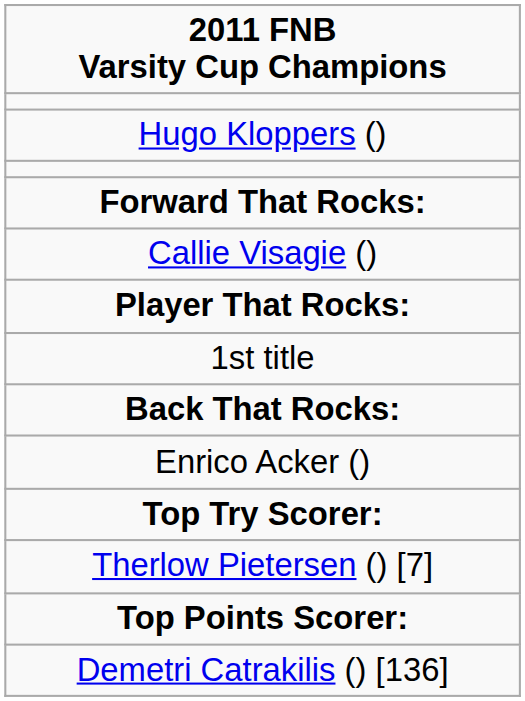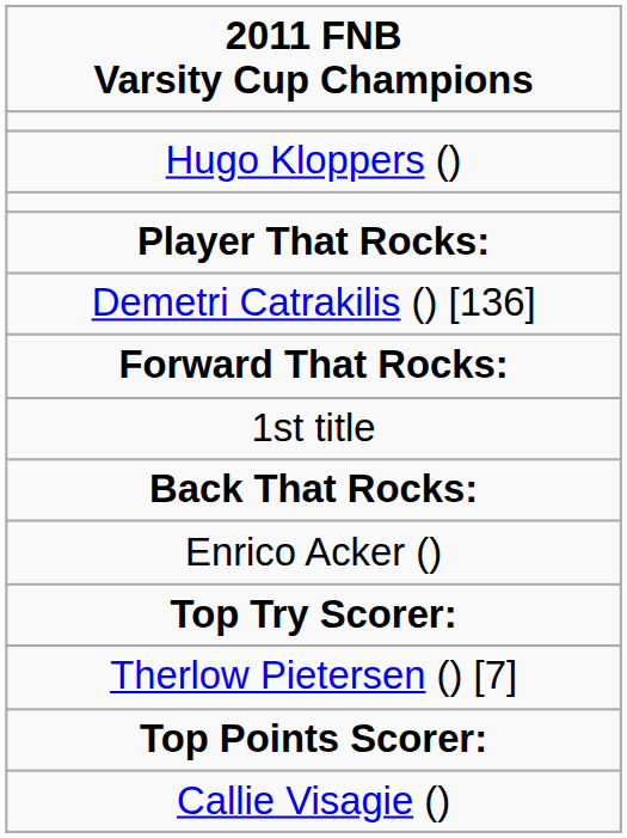 <table class="wikitable" style="text-align: center; margin: 0 auto; width: 20%">
 <tr>
 <td><strong>2011 FNB <br>Varsity Cup Champions<br></strong></td>
 </tr>
 <tr>
 <td><strong></strong></td>
 </tr>
 <tr>
 <td><a href='#'>Hugo Kloppers</a> ()</td>
 </tr>
 <tr>
 <td></td>
 </tr>
 <tr>
-<td><strong>Forward That Rocks:</strong></td>
+<td><strong>Player That Rocks:</strong></td>
 </tr>
 <tr>
-<td><a href='#'>Callie Visagie</a> ()</td>
+<td><a href='#'>Demetri Catrakilis</a> () [136]</td>
 </tr>
 <tr>
-<td><strong>Player That Rocks:</strong></td>
+<td><strong>Forward That Rocks:</strong></td>
 </tr>
 <tr>
 <td>1st title</td>
 </tr>
 <tr>
 <td><strong>Back That Rocks:</strong></td>
 </tr>
 <tr>
 <td>Enrico Acker ()</td>
 </tr>
 <tr>
 <td><strong>Top Try Scorer:</strong></td>
 </tr>
 <tr>
 <td><a href='#'>Therlow Pietersen</a> () [7]</td>
 </tr>
 <tr>
 <td><strong>Top Points Scorer:</strong></td>
 </tr>
 <tr>
-<td><a href='#'>Demetri Catrakilis</a> () [136]</td>
+<td><a href='#'>Callie Visagie</a> ()</td>
 </tr>
 </table>
